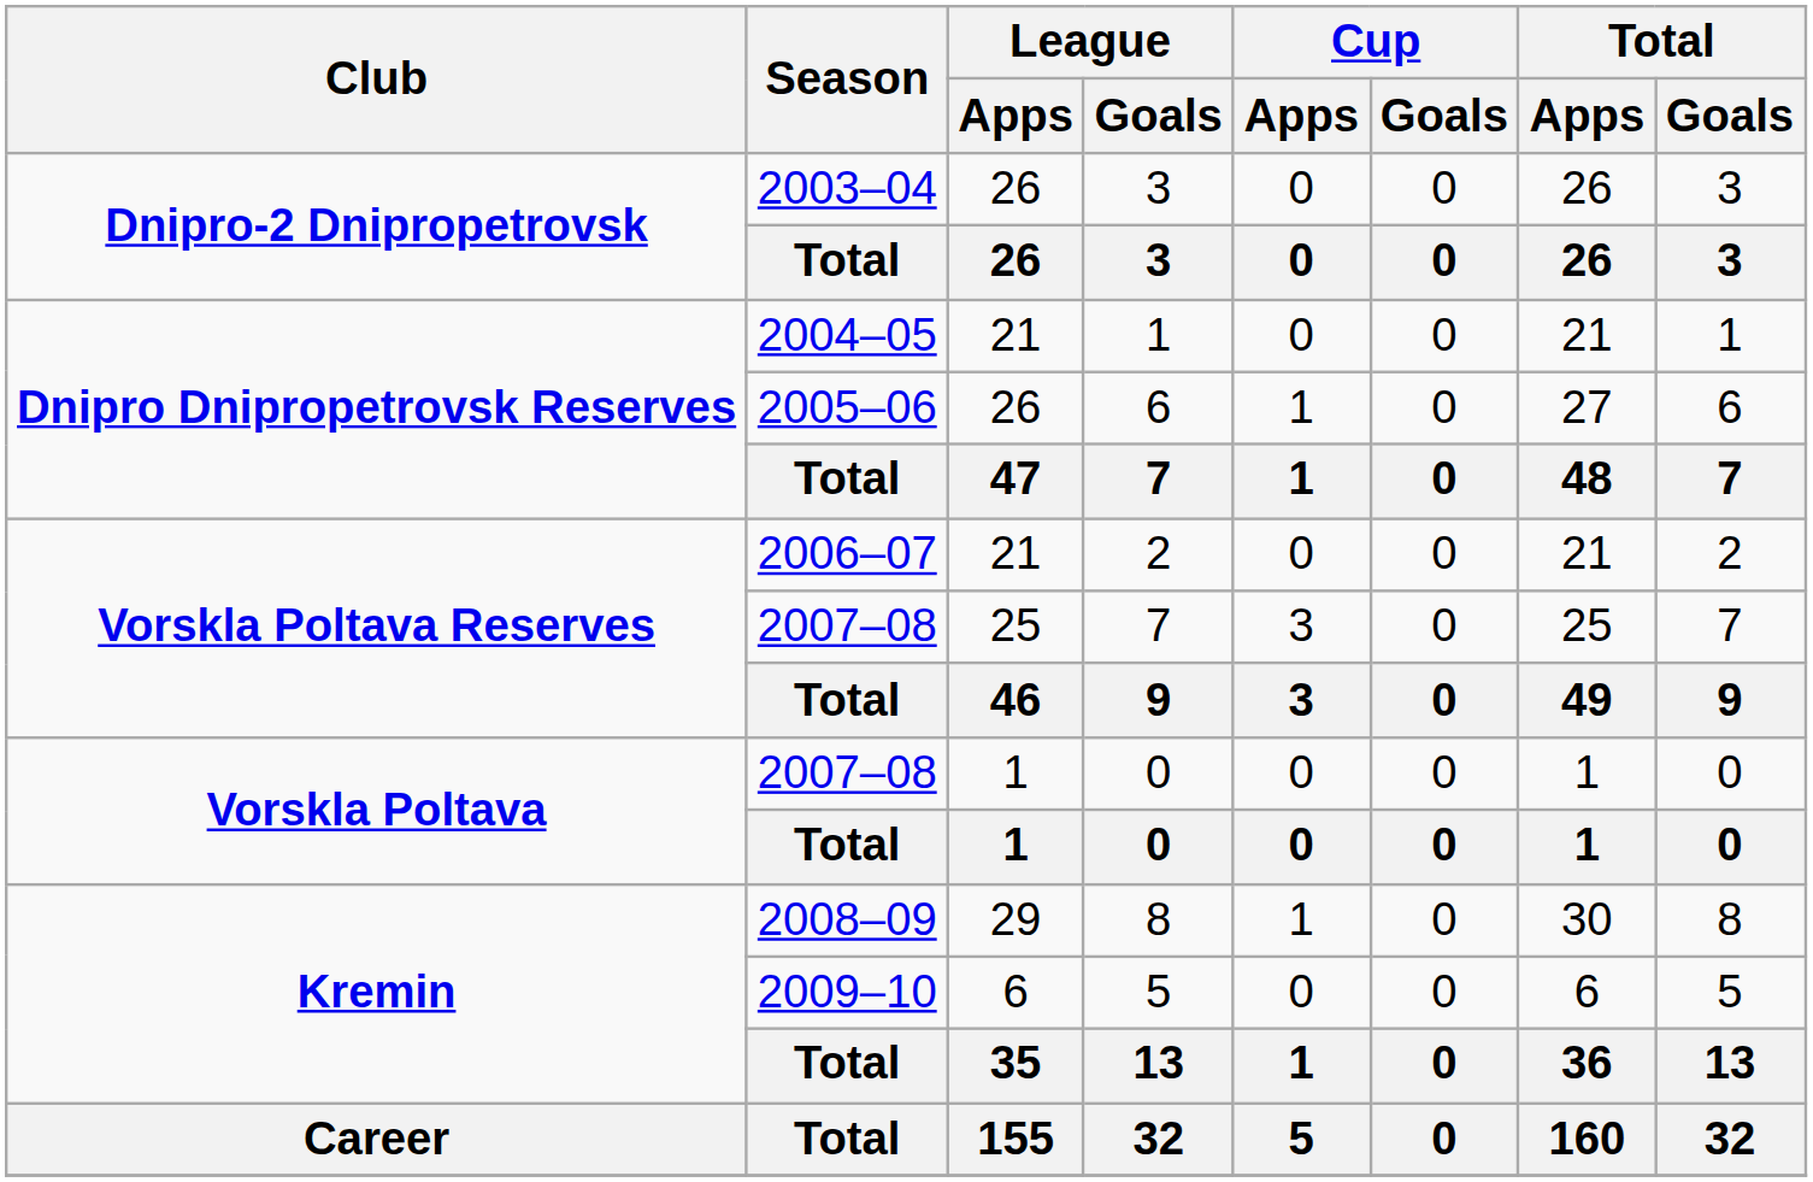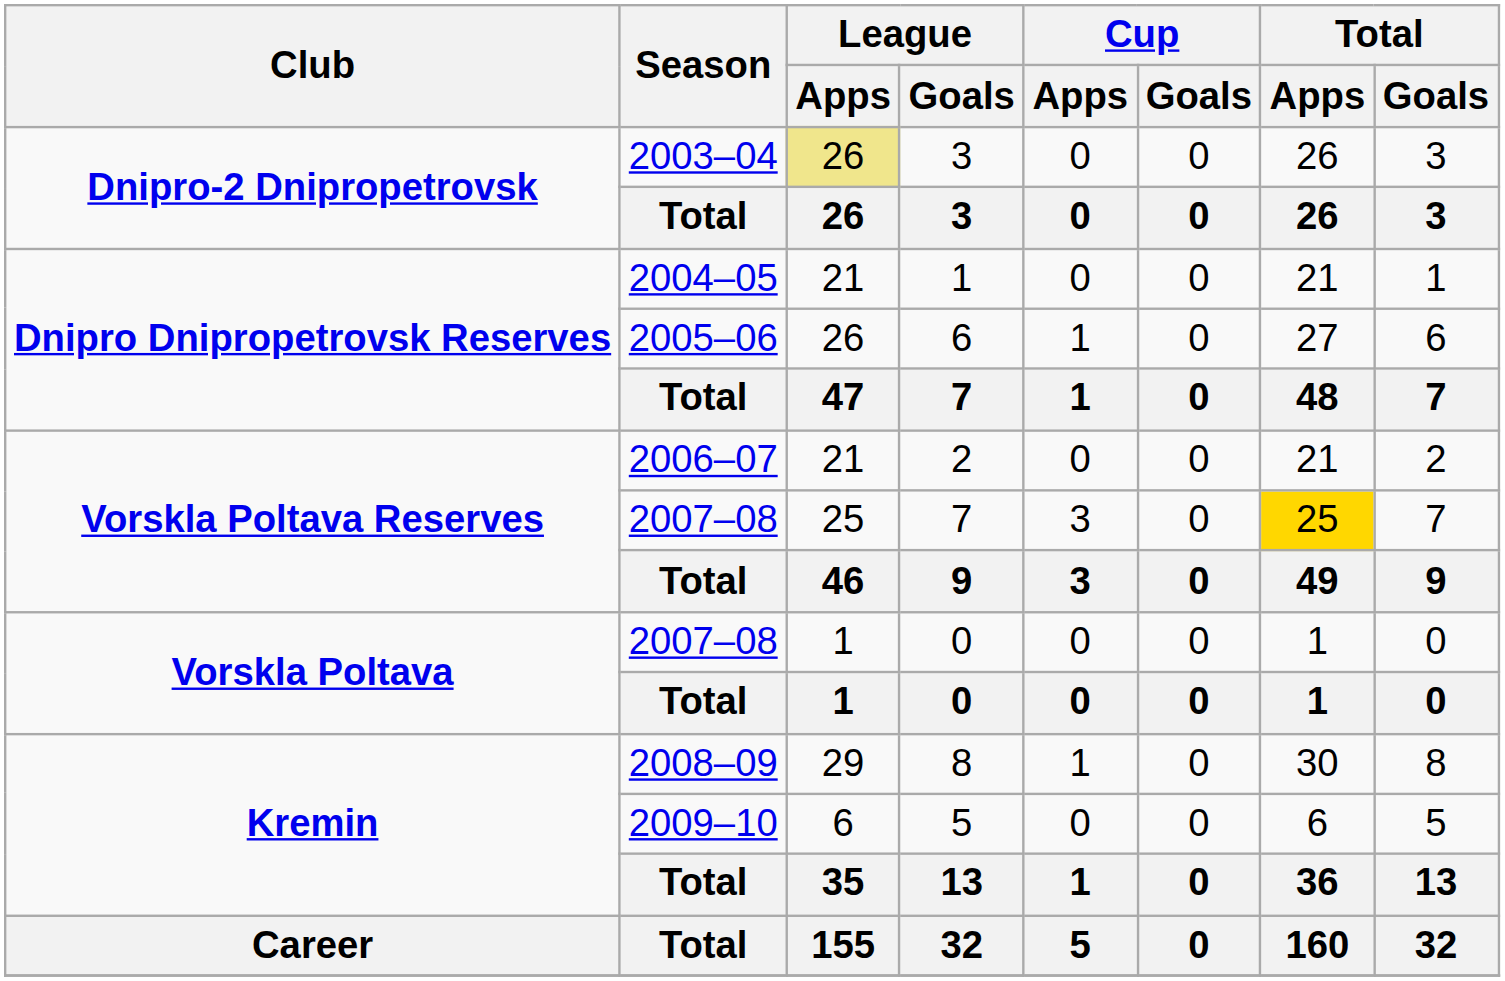 <table class="wikitable sortable" style="text-align: center;">
 <tr>
 <th rowspan="2">Club</th>
 <th rowspan="2">Season</th>
 <th colspan="2">League</th>
 <th colspan="2"><a href='#'>Cup</a></th>
 <th colspan="2">Total</th>
 </tr>
 <tr>
 <th>Apps</th>
 <th>Goals</th>
 <th>Apps</th>
 <th>Goals</th>
 <th>Apps</th>
 <th>Goals</th>
 </tr>
 <tr>
 <td rowspan="2"><strong><a href='#'>Dnipro-2 Dnipropetrovsk</a></strong></td>
 <td><a href='#'>2003–04</a></td>
-<td>26</td>
+<td style="background: khaki;">26</td>
 <td>3</td>
 <td>0</td>
 <td>0</td>
 <td>26</td>
 <td>3</td>
 </tr>
 <tr>
 <th>Total</th>
 <th>26</th>
 <th>3</th>
 <th>0</th>
 <th>0</th>
 <th>26</th>
 <th>3</th>
 </tr>
 <tr>
 <td rowspan="3"><strong><a href='#'>Dnipro Dnipropetrovsk Reserves</a></strong></td>
 <td><a href='#'>2004–05</a></td>
 <td>21</td>
 <td>1</td>
 <td>0</td>
 <td>0</td>
 <td>21</td>
 <td>1</td>
 </tr>
 <tr>
 <td><a href='#'>2005–06</a></td>
 <td>26</td>
 <td>6</td>
 <td>1</td>
 <td>0</td>
 <td>27</td>
 <td>6</td>
 </tr>
 <tr>
 <th>Total</th>
 <th>47</th>
 <th>7</th>
 <th>1</th>
 <th>0</th>
 <th>48</th>
 <th>7</th>
 </tr>
 <tr>
 <td rowspan="3"><strong><a href='#'>Vorskla Poltava Reserves</a></strong></td>
 <td><a href='#'>2006–07</a></td>
 <td>21</td>
 <td>2</td>
 <td>0</td>
 <td>0</td>
 <td>21</td>
 <td>2</td>
 </tr>
 <tr>
 <td><a href='#'>2007–08</a></td>
 <td>25</td>
 <td>7</td>
 <td>3</td>
 <td>0</td>
-<td>25</td>
+<td style="background: gold;">25</td>
 <td>7</td>
 </tr>
 <tr>
 <th>Total</th>
 <th>46</th>
 <th>9</th>
 <th>3</th>
 <th>0</th>
 <th>49</th>
 <th>9</th>
 </tr>
 <tr>
 <td rowspan="2"><strong><a href='#'>Vorskla Poltava</a></strong></td>
 <td><a href='#'>2007–08</a></td>
 <td>1</td>
 <td>0</td>
 <td>0</td>
 <td>0</td>
 <td>1</td>
 <td>0</td>
 </tr>
 <tr>
 <th>Total</th>
 <th>1</th>
 <th>0</th>
 <th>0</th>
 <th>0</th>
 <th>1</th>
 <th>0</th>
 </tr>
 <tr>
 <td rowspan="3"><strong><a href='#'>Kremin</a></strong></td>
 <td><a href='#'>2008–09</a></td>
 <td>29</td>
 <td>8</td>
 <td>1</td>
 <td>0</td>
 <td>30</td>
 <td>8</td>
 </tr>
 <tr>
 <td><a href='#'>2009–10</a></td>
 <td>6</td>
 <td>5</td>
 <td>0</td>
 <td>0</td>
 <td>6</td>
 <td>5</td>
 </tr>
 <tr>
 <th>Total</th>
 <th>35</th>
 <th>13</th>
 <th>1</th>
 <th>0</th>
 <th>36</th>
 <th>13</th>
 </tr>
 <tr>
 <th>Career</th>
 <th>Total</th>
 <th>155</th>
 <th>32</th>
 <th>5</th>
 <th>0</th>
 <th>160</th>
 <th>32</th>
 </tr>
 <tr>
 </tr>
 </table>
